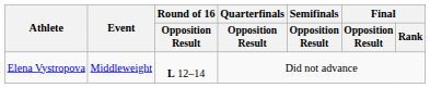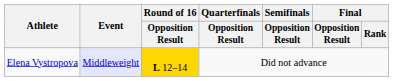 <table class="wikitable" style="font-size:90%">
 <tr>
 <th rowspan="2">Athlete</th>
 <th rowspan="2">Event</th>
 <th>Round of 16</th>
 <th>Quarterfinals</th>
 <th>Semifinals</th>
 <th colspan=2>Final</th>
 </tr>
 <tr style="font-size: 95%">
 <th>Opposition<br>Result</th>
 <th>Opposition<br>Result</th>
 <th>Opposition<br>Result</th>
 <th>Opposition<br>Result</th>
 <th>Rank</th>
 </tr>
 <tr align=center>
 <td align=left><a href='#'>Elena Vystropova</a></td>
-<td align=left><a href='#'>Middleweight</a></td>
-<td><br><strong>L</strong> 12–14</td>
+<td align=left style="background: lavender;"><a href='#'>Middleweight</a></td>
+<td style="background: gold;"><br><strong>L</strong> 12–14</td>
 <td colspan=4>Did not advance</td>
 </tr>
 </table>
